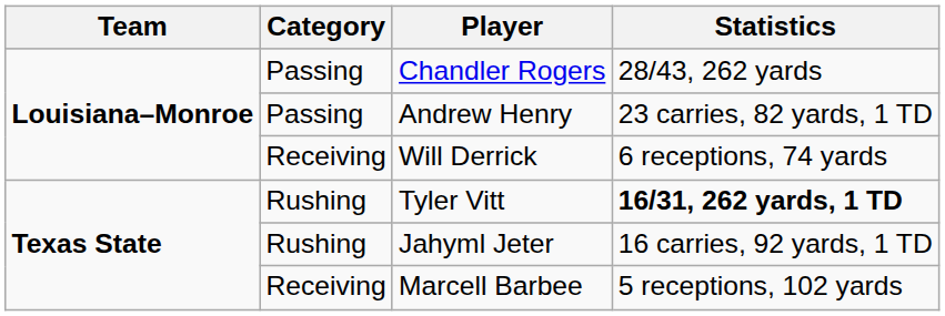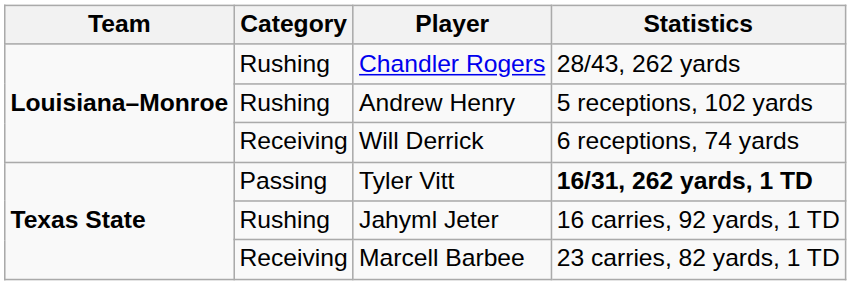 <table class="wikitable" style="float: left;">
 <tr>
 <th>Team</th>
 <th>Category</th>
 <th>Player</th>
 <th>Statistics</th>
 </tr>
 <tr>
 <td rowspan=3><strong>Louisiana–Monroe</strong></td>
-<td>Passing</td>
+<td>Rushing</td>
 <td><a href='#'>Chandler Rogers</a></td>
 <td>28/43, 262 yards</td>
 </tr>
 <tr>
-<td>Passing</td>
+<td>Rushing</td>
 <td>Andrew Henry</td>
-<td>23 carries, 82 yards, 1 TD</td>
+<td>5 receptions, 102 yards</td>
 </tr>
 <tr>
 <td>Receiving</td>
 <td>Will Derrick</td>
 <td>6 receptions, 74 yards</td>
 </tr>
 <tr>
 <td rowspan=3><strong>Texas State</strong></td>
-<td>Rushing</td>
+<td>Passing</td>
 <td>Tyler Vitt</td>
 <td><strong>16/31, 262 yards, 1 TD</strong></td>
 </tr>
 <tr>
 <td>Rushing</td>
 <td>Jahyml Jeter</td>
 <td>16 carries, 92 yards, 1 TD</td>
 </tr>
 <tr>
 <td>Receiving</td>
 <td>Marcell Barbee</td>
-<td>5 receptions, 102 yards</td>
+<td>23 carries, 82 yards, 1 TD</td>
 </tr>
 </table>
